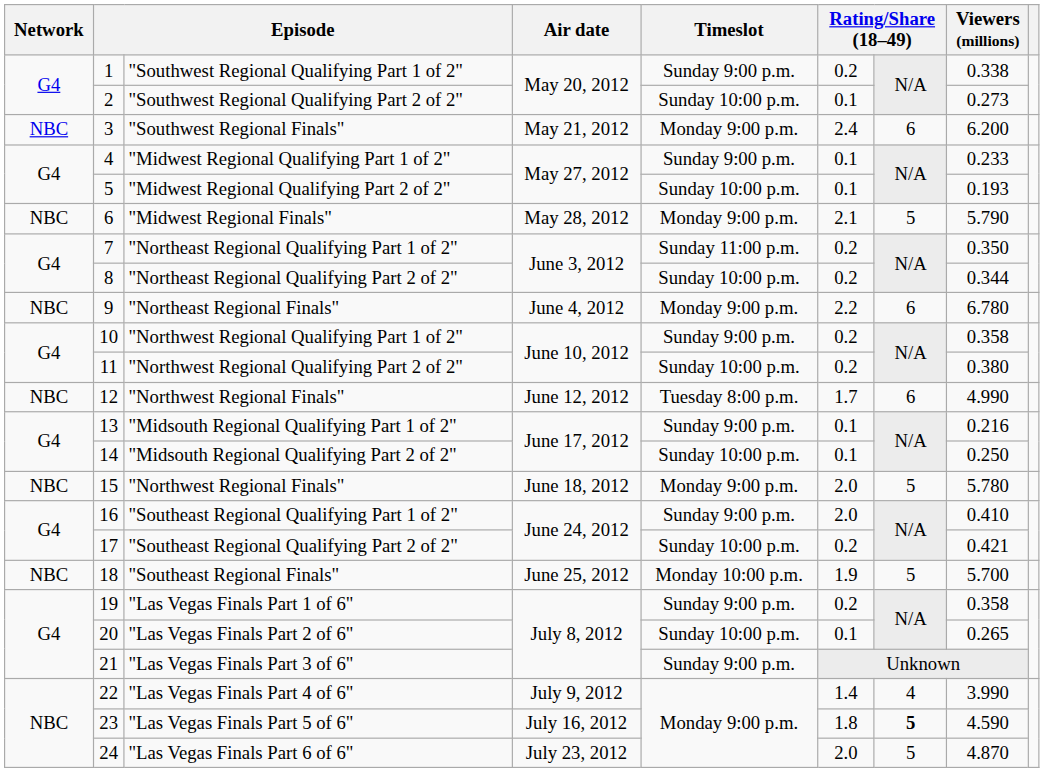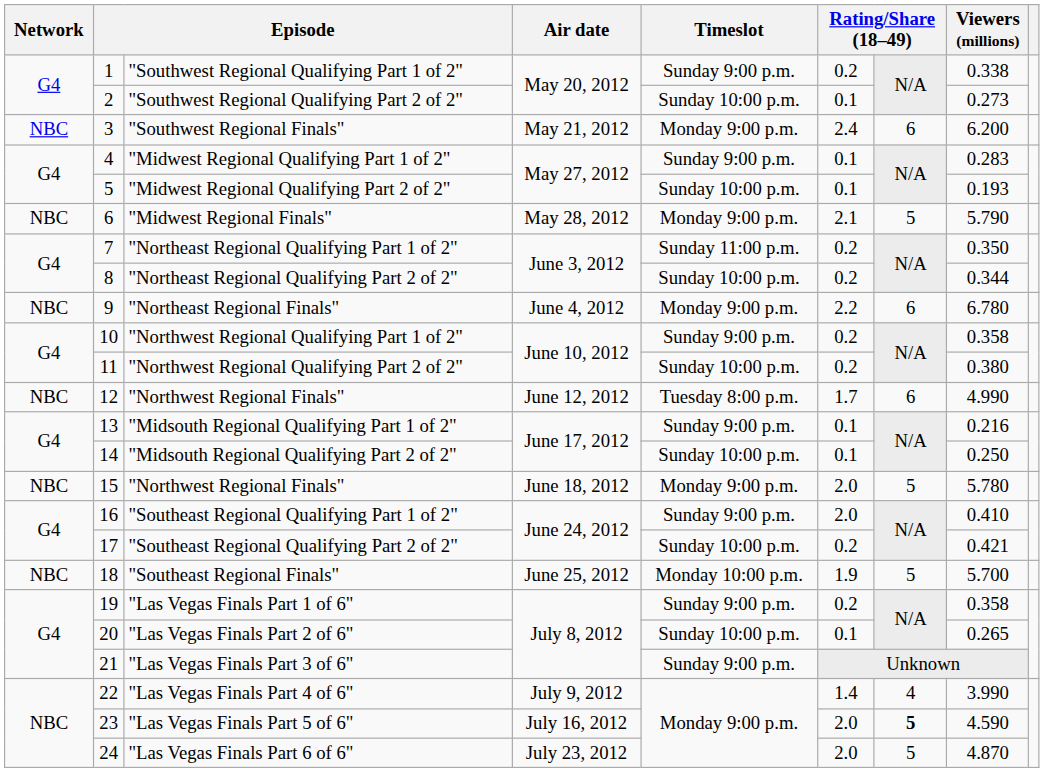 <table class="wikitable" style="text-align:center; width: 70%">
 <tr>
 <th>Network</th>
 <th colspan="2">Episode</th>
 <th>Air date</th>
 <th>Timeslot</th>
 <th colspan=2><a href='#'>Rating/Share</a><br>(18–49)</th>
 <th>Viewers<br><small>(millions)</small></th>
 <th></th>
 </tr>
 <tr>
 <td rowspan="2"><a href='#'>G4</a></td>
 <td>1</td>
 <td style="text-align:left;">"Southwest Regional Qualifying Part 1 of 2"</td>
 <td rowspan="2">May 20, 2012</td>
 <td>Sunday 9:00 p.m.</td>
 <td>0.2</td>
 <td rowspan="2" style="background:#ECECEC;">N/A</td>
 <td>0.338</td>
 <td rowspan="2"></td>
 </tr>
 <tr>
 <td>2</td>
 <td style="text-align:left;">"Southwest Regional Qualifying Part 2 of 2"</td>
 <td>Sunday 10:00 p.m.</td>
 <td>0.1</td>
 <td>0.273</td>
 </tr>
 <tr>
 <td><a href='#'>NBC</a></td>
 <td>3</td>
 <td style="text-align:left;">"Southwest Regional Finals"</td>
 <td>May 21, 2012</td>
 <td>Monday 9:00 p.m.</td>
 <td>2.4</td>
 <td>6</td>
 <td>6.200</td>
 <td></td>
 </tr>
 <tr>
 <td rowspan="2">G4</td>
 <td>4</td>
 <td style="text-align:left;">"Midwest Regional Qualifying Part 1 of 2"</td>
 <td rowspan="2">May 27, 2012</td>
 <td>Sunday 9:00 p.m.</td>
 <td>0.1</td>
 <td rowspan="2" style="background:#ECECEC;">N/A</td>
-<td>0.233</td>
+<td>0.283</td>
 <td rowspan="2"></td>
 </tr>
 <tr>
 <td>5</td>
 <td style="text-align:left;">"Midwest Regional Qualifying Part 2 of 2"</td>
 <td>Sunday 10:00 p.m.</td>
 <td>0.1</td>
 <td>0.193</td>
 </tr>
 <tr>
 <td>NBC</td>
 <td>6</td>
 <td style="text-align:left;">"Midwest Regional Finals"</td>
 <td>May 28, 2012</td>
 <td>Monday 9:00 p.m.</td>
 <td>2.1</td>
 <td>5</td>
 <td>5.790</td>
 <td></td>
 </tr>
 <tr>
 <td rowspan="2">G4</td>
 <td>7</td>
 <td style="text-align:left;">"Northeast Regional Qualifying Part 1 of 2"</td>
 <td rowspan="2">June 3, 2012</td>
 <td>Sunday 11:00 p.m.</td>
 <td>0.2</td>
 <td rowspan="2" style="background:#ECECEC;">N/A</td>
 <td>0.350</td>
 <td rowspan="2"></td>
 </tr>
 <tr>
 <td>8</td>
 <td style="text-align:left;">"Northeast Regional Qualifying Part 2 of 2"</td>
 <td>Sunday 10:00 p.m.</td>
 <td>0.2</td>
 <td>0.344</td>
 </tr>
 <tr>
 <td>NBC</td>
 <td>9</td>
 <td style="text-align:left;">"Northeast Regional Finals"</td>
 <td>June 4, 2012</td>
 <td>Monday 9:00 p.m.</td>
 <td>2.2</td>
 <td>6</td>
 <td>6.780</td>
 <td></td>
 </tr>
 <tr>
 <td rowspan="2">G4</td>
 <td>10</td>
 <td style="text-align:left;">"Northwest Regional Qualifying Part 1 of 2"</td>
 <td rowspan="2">June 10, 2012</td>
 <td>Sunday 9:00 p.m.</td>
 <td>0.2</td>
 <td rowspan="2" style="background:#ECECEC;">N/A</td>
 <td>0.358</td>
 <td rowspan="2"></td>
 </tr>
 <tr>
 <td>11</td>
 <td style="text-align:left;">"Northwest Regional Qualifying Part 2 of 2"</td>
 <td>Sunday 10:00 p.m.</td>
 <td>0.2</td>
 <td>0.380</td>
 </tr>
 <tr>
 <td>NBC</td>
 <td>12</td>
 <td style="text-align:left;">"Northwest Regional Finals"</td>
 <td>June 12, 2012</td>
 <td>Tuesday 8:00 p.m.</td>
 <td>1.7</td>
 <td>6</td>
 <td>4.990</td>
 <td></td>
 </tr>
 <tr>
 <td rowspan="2">G4</td>
 <td>13</td>
 <td style="text-align:left;">"Midsouth Regional Qualifying Part 1 of 2"</td>
 <td rowspan="2">June 17, 2012</td>
 <td>Sunday 9:00 p.m.</td>
 <td>0.1</td>
 <td rowspan="2" style="background:#ECECEC;">N/A</td>
 <td>0.216</td>
 <td rowspan="2"></td>
 </tr>
 <tr>
 <td>14</td>
 <td style="text-align:left;">"Midsouth Regional Qualifying Part 2 of 2"</td>
 <td>Sunday 10:00 p.m.</td>
 <td>0.1</td>
 <td>0.250</td>
 </tr>
 <tr>
 <td>NBC</td>
 <td>15</td>
 <td style="text-align:left;">"Northwest Regional Finals"</td>
 <td>June 18, 2012</td>
 <td>Monday 9:00 p.m.</td>
 <td>2.0</td>
 <td>5</td>
 <td>5.780</td>
 <td></td>
 </tr>
 <tr>
 <td rowspan="2">G4</td>
 <td>16</td>
 <td style="text-align:left;">"Southeast Regional Qualifying Part 1 of 2"</td>
 <td rowspan="2">June 24, 2012</td>
 <td>Sunday 9:00 p.m.</td>
 <td>2.0</td>
 <td rowspan="2" style="background:#ECECEC;">N/A</td>
 <td>0.410</td>
 <td rowspan="2"></td>
 </tr>
 <tr>
 <td>17</td>
 <td style="text-align:left;">"Southeast Regional Qualifying Part 2 of 2"</td>
 <td>Sunday 10:00 p.m.</td>
 <td>0.2</td>
 <td>0.421</td>
 </tr>
 <tr>
 <td>NBC</td>
 <td>18</td>
 <td style="text-align:left;">"Southeast Regional Finals"</td>
 <td>June 25, 2012</td>
 <td>Monday 10:00 p.m.</td>
 <td>1.9</td>
 <td>5</td>
 <td>5.700</td>
 <td></td>
 </tr>
 <tr>
 <td rowspan="3">G4</td>
 <td>19</td>
 <td style="text-align:left;">"Las Vegas Finals Part 1 of 6"</td>
 <td rowspan="3">July 8, 2012</td>
 <td>Sunday 9:00 p.m.</td>
 <td>0.2</td>
 <td rowspan="2" style="background:#ECECEC;">N/A</td>
 <td>0.358</td>
 <td rowspan="3"></td>
 </tr>
 <tr>
 <td>20</td>
 <td style="text-align:left;">"Las Vegas Finals Part 2 of 6"</td>
 <td>Sunday 10:00 p.m.</td>
 <td>0.1</td>
 <td>0.265</td>
 </tr>
 <tr>
 <td>21</td>
 <td style="text-align:left;">"Las Vegas Finals Part 3 of 6"</td>
 <td>Sunday 9:00 p.m.</td>
 <td colspan="3" style="background:#ECECEC;">Unknown</td>
 </tr>
 <tr>
 <td rowspan="3">NBC</td>
 <td>22</td>
 <td style="text-align:left;">"Las Vegas Finals Part 4 of 6"</td>
 <td>July 9, 2012</td>
 <td rowspan="3">Monday 9:00 p.m.</td>
 <td>1.4</td>
 <td>4</td>
 <td>3.990</td>
 <td rowspan="3"></td>
 </tr>
 <tr>
 <td>23</td>
 <td style="text-align:left;">"Las Vegas Finals Part 5 of 6"</td>
 <td>July 16, 2012</td>
-<td>1.8</td>
+<td>2.0</td>
 <td><strong>5</strong></td>
 <td>4.590</td>
 </tr>
 <tr>
 <td>24</td>
 <td style="text-align:left;">"Las Vegas Finals Part 6 of 6"</td>
 <td>July 23, 2012</td>
 <td>2.0</td>
 <td>5</td>
 <td>4.870</td>
 </tr>
 </table>
